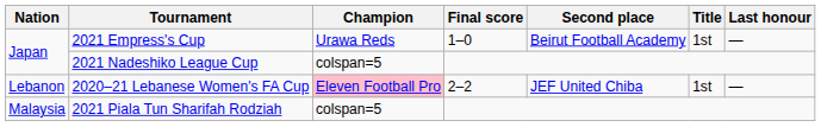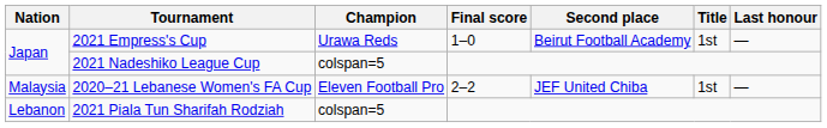 <table class=wikitable style="font-size:14px">
 <tr>
 <th>Nation</th>
 <th>Tournament</th>
 <th>Champion</th>
 <th>Final score</th>
 <th>Second place</th>
 <th data-sort-type="number">Title</th>
 <th>Last honour</th>
 </tr>
 <tr>
 <td rowspan="2"> <a href='#'>Japan</a></td>
 <td><a href='#'>2021 Empress's Cup</a></td>
 <td><a href='#'>Urawa Reds</a></td>
 <td>1–0</td>
 <td><a href='#'>Beirut Football Academy</a></td>
 <td>1st</td>
 <td>—</td>
 </tr>
 <tr>
 <td><a href='#'>2021 Nadeshiko League Cup</a></td>
 <td>colspan=5 </td>
 </tr>
 <tr>
-<td> <a href='#'>Lebanon</a></td>
+<td> <a href='#'>Malaysia</a></td>
 <td><a href='#'>2020–21 Lebanese Women's FA Cup</a></td>
-<td style="background: pink;"><a href='#'>Eleven Football Pro</a></td>
+<td><a href='#'>Eleven Football Pro</a></td>
 <td>2–2 </td>
 <td><a href='#'>JEF United Chiba</a></td>
 <td>1st</td>
 <td>—</td>
 </tr>
 <tr>
-<td> <a href='#'>Malaysia</a></td>
+<td> <a href='#'>Lebanon</a></td>
 <td><a href='#'>2021 Piala Tun Sharifah Rodziah</a></td>
 <td>colspan=5 </td>
 </tr>
 </table>
